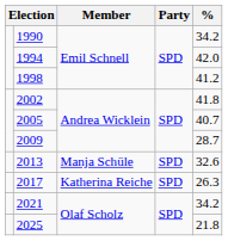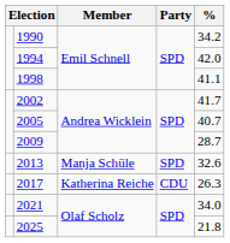 <table class=wikitable>
 <tr>
 <th colspan=2>Election</th>
 <th>Member</th>
 <th>Party</th>
 <th>%</th>
 </tr>
 <tr>
 <td rowspan=3 bgcolor=></td>
 <td><a href='#'>1990</a></td>
 <td rowspan=3><a href='#'>Emil Schnell</a></td>
 <td rowspan=3><a href='#'>SPD</a></td>
 <td align=right>34.2</td>
 </tr>
 <tr>
 <td><a href='#'>1994</a></td>
 <td align=right>42.0</td>
 </tr>
 <tr>
 <td><a href='#'>1998</a></td>
-<td align=right>41.2</td>
+<td align=right>41.1</td>
 </tr>
 <tr>
 <td rowspan=3 bgcolor=></td>
 <td><a href='#'>2002</a></td>
 <td rowspan=3><a href='#'>Andrea Wicklein</a></td>
 <td rowspan=3><a href='#'>SPD</a></td>
-<td align=right>41.8</td>
+<td align=right>41.7</td>
 </tr>
 <tr>
 <td><a href='#'>2005</a></td>
 <td align=right>40.7</td>
 </tr>
 <tr>
 <td><a href='#'>2009</a></td>
 <td align=right>28.7</td>
 </tr>
 <tr>
 <td bgcolor=></td>
 <td><a href='#'>2013</a></td>
 <td><a href='#'>Manja Schüle</a></td>
 <td><a href='#'>SPD</a></td>
 <td align=right>32.6</td>
 </tr>
 <tr>
 <td bgcolor=></td>
 <td><a href='#'>2017</a></td>
 <td><a href='#'>Katherina Reiche</a></td>
-<td><a href='#'>SPD</a></td>
+<td><a href='#'>CDU</a></td>
 <td align=right>26.3</td>
 </tr>
 <tr>
 <td bgcolor=></td>
 <td><a href='#'>2021</a></td>
 <td rowspan="2"><a href='#'>Olaf Scholz</a></td>
 <td rowspan="2"><a href='#'>SPD</a></td>
-<td align=right>34.2</td>
+<td align=right>34.0</td>
 </tr>
 <tr>
 <td></td>
 <td><a href='#'>2025</a></td>
 <td>21.8</td>
 </tr>
 </table>
